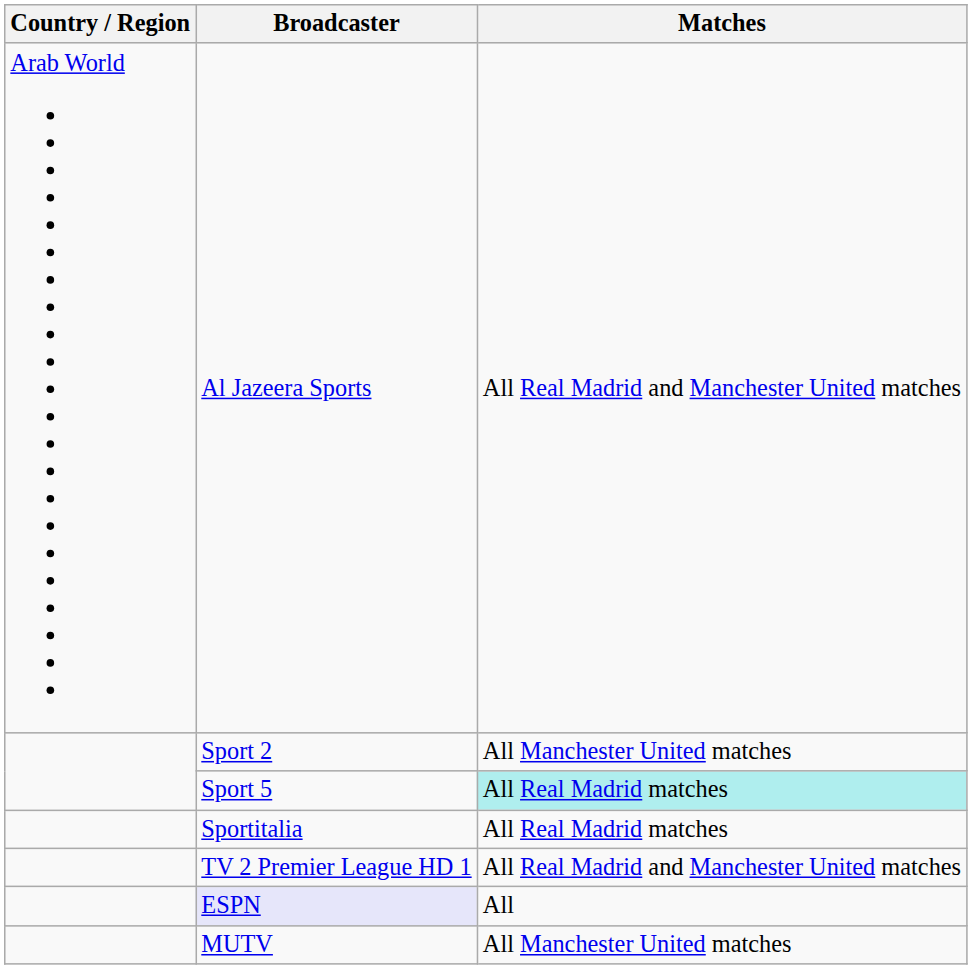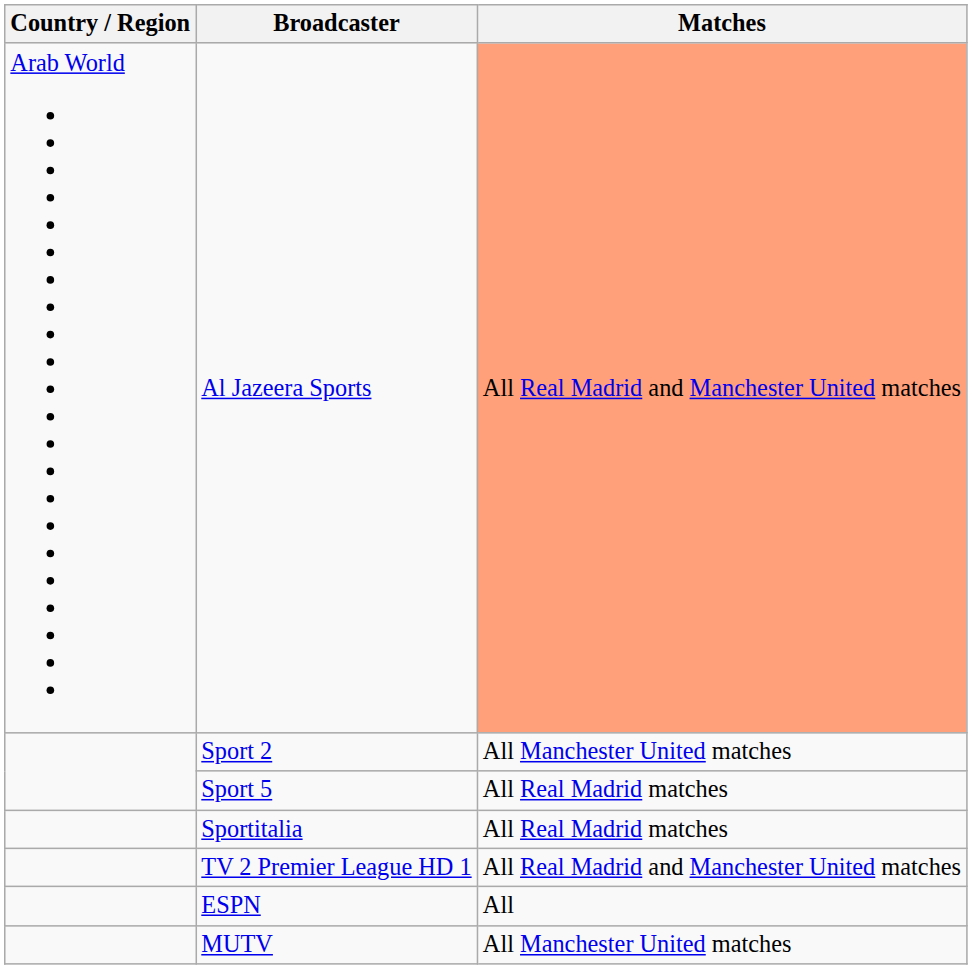 <table class="wikitable collapsible collapsed">
 <tr>
 <th>Country / Region</th>
 <th>Broadcaster</th>
 <th>Matches</th>
 </tr>
 <tr>
 <td> <a href='#'>Arab World</a><br><ul><li></li><li></li><li></li><li></li><li></li><li></li><li></li><li></li><li></li><li></li><li></li><li></li><li></li><li></li><li></li><li></li><li></li><li></li><li></li><li></li><li></li><li></li></ul></td>
 <td><a href='#'>Al Jazeera Sports</a></td>
-<td>All <a href='#'>Real Madrid</a> and <a href='#'>Manchester United</a> matches</td>
+<td style="background: lightsalmon;">All <a href='#'>Real Madrid</a> and <a href='#'>Manchester United</a> matches</td>
 </tr>
 <tr>
 <td rowspan="2"></td>
 <td><a href='#'>Sport 2</a></td>
 <td>All <a href='#'>Manchester United</a> matches</td>
 </tr>
 <tr>
 <td><a href='#'>Sport 5</a></td>
-<td style="background: paleturquoise;">All <a href='#'>Real Madrid</a> matches</td>
+<td>All <a href='#'>Real Madrid</a> matches</td>
 </tr>
 <tr>
 <td></td>
 <td><a href='#'>Sportitalia</a></td>
 <td>All <a href='#'>Real Madrid</a> matches</td>
 </tr>
 <tr>
 <td></td>
 <td><a href='#'>TV 2 Premier League HD 1</a></td>
 <td>All <a href='#'>Real Madrid</a> and <a href='#'>Manchester United</a> matches</td>
 </tr>
 <tr>
 <td></td>
-<td style="background: lavender;"><a href='#'>ESPN</a></td>
+<td><a href='#'>ESPN</a></td>
 <td>All</td>
 </tr>
 <tr>
 <td></td>
 <td><a href='#'>MUTV</a></td>
 <td>All <a href='#'>Manchester United</a> matches</td>
 </tr>
 </table>
